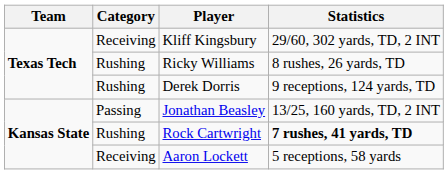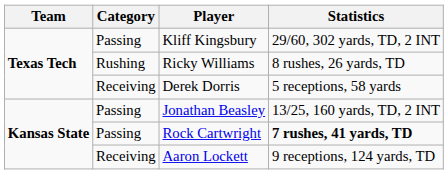 <table class="wikitable" style="float: left;">
 <tr>
 <th>Team</th>
 <th>Category</th>
 <th>Player</th>
 <th>Statistics</th>
 </tr>
 <tr>
 <td rowspan=3><strong>Texas Tech</strong></td>
-<td>Receiving</td>
+<td>Passing</td>
 <td>Kliff Kingsbury</td>
 <td>29/60, 302 yards, TD, 2 INT</td>
 </tr>
 <tr>
 <td>Rushing</td>
 <td>Ricky Williams</td>
 <td>8 rushes, 26 yards, TD</td>
 </tr>
 <tr>
-<td>Rushing</td>
+<td>Receiving</td>
 <td>Derek Dorris</td>
-<td>9 receptions, 124 yards, TD</td>
+<td>5 receptions, 58 yards</td>
 </tr>
 <tr>
 <td rowspan=3><strong>Kansas State</strong></td>
 <td>Passing</td>
 <td><a href='#'>Jonathan Beasley</a></td>
 <td>13/25, 160 yards, TD, 2 INT</td>
 </tr>
 <tr>
-<td>Rushing</td>
+<td>Passing</td>
 <td><a href='#'>Rock Cartwright</a></td>
 <td><strong>7 rushes, 41 yards, TD</strong></td>
 </tr>
 <tr>
 <td>Receiving</td>
 <td><a href='#'>Aaron Lockett</a></td>
-<td>5 receptions, 58 yards</td>
+<td>9 receptions, 124 yards, TD</td>
 </tr>
 </table>
